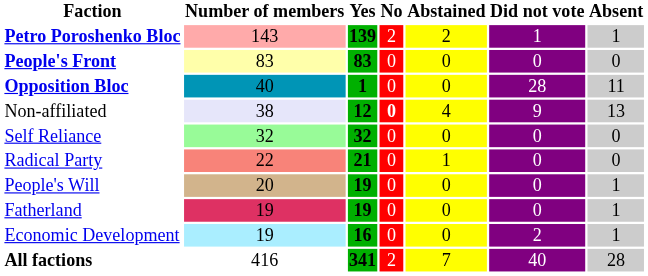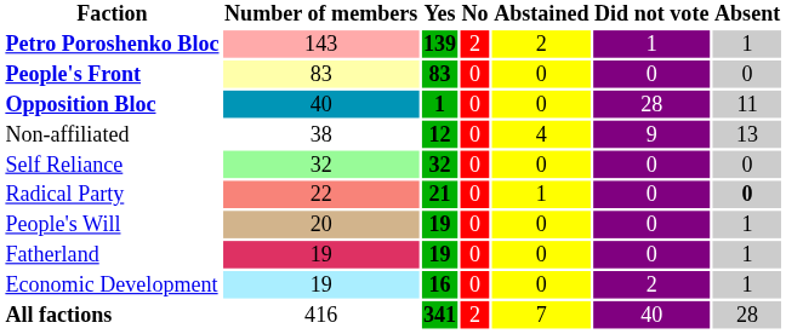 <table>
 <tr>
 <th>Faction</th>
 <th>Number of members</th>
 <th>Yes</th>
 <th>No</th>
 <th>Abstained</th>
 <th>Did not vote</th>
 <th>Absent</th>
 </tr>
 <tr ---->
 <td><strong><a href='#'>Petro Poroshenko Bloc</a></strong></td>
 <td style="text-align:center;background-color:#FFAAAA;">143</td>
 <td style="text-align:center;background-color:#00B000;"><strong>139</strong></td>
 <td style="text-align:center;background-color:red;color:white;">2</td>
 <td style="text-align:center;background-color:yellow;">2</td>
 <td style="text-align:center;background-color:purple;color:white;">1</td>
 <td style="text-align:center;background-color:#cccccc;">1</td>
 </tr>
 <tr ---->
 <td><strong><a href='#'>People's Front</a></strong></td>
 <td style="text-align:center;background-color:#FFFFAA;">83</td>
 <td style="text-align:center;background-color:#00B000;"><strong>83</strong></td>
 <td style="text-align:center;background-color:red;color:white;">0</td>
 <td style="text-align:center;background-color:yellow;">0</td>
 <td style="text-align:center;background-color:purple;color:white;">0</td>
 <td style="text-align:center;background-color:#cccccc;">0</td>
 </tr>
 <tr ---->
 <td><strong><a href='#'>Opposition Bloc</a></strong></td>
 <td style="text-align:center;background-color:#0095B6;">40</td>
 <td style="text-align:center;background-color:#00B000;"><strong>1</strong></td>
 <td style="text-align:center;background-color:red;color:white;">0</td>
 <td style="text-align:center;background-color:yellow;">0</td>
 <td style="text-align:center;background-color:purple;color:white;">28</td>
 <td style="text-align:center;background-color:#cccccc;">11</td>
 </tr>
 <tr ---->
 <td>Non-affiliated</td>
-<td style="background: lavender; text-align:center;">38</td>
+<td style="text-align:center;">38</td>
 <td style="text-align:center;background-color:#00B000;"><strong>12</strong></td>
-<td style="text-align:center;background-color:red;color:white;"><strong>0</strong></td>
+<td style="text-align:center;background-color:red;color:white;">0</td>
 <td style="text-align:center;background-color:yellow;">4</td>
 <td style="text-align:center;background-color:purple;color:white;">9</td>
 <td style="text-align:center;background-color:#cccccc;">13</td>
 </tr>
 <tr ---->
 <td><a href='#'>Self Reliance</a></td>
 <td style="text-align:center;background-color:#98FB98;">32</td>
 <td style="text-align:center;background-color:#00B000;"><strong>32</strong></td>
 <td style="text-align:center;background-color:red;color:white;">0</td>
 <td align=center bgcolor=yellow>0</td>
 <td style="text-align:center;background-color:purple;color:white;">0</td>
 <td style="text-align:center;background-color:#cccccc;">0</td>
 </tr>
 <tr ---->
 <td><a href='#'>Radical Party</a></td>
 <td style="text-align:center;background-color:#F88379;">22</td>
 <td style="text-align:center;background-color:#00B000;"><strong>21</strong></td>
 <td style="text-align:center;background-color:red;color:white;">0</td>
 <td style="text-align:center;background-color:yellow;">1</td>
 <td style="text-align:center;background-color:purple;color:white;">0</td>
-<td style="text-align:center;background-color:#cccccc;">0</td>
+<td style="text-align:center;background-color:#cccccc;"><strong>0</strong></td>
 </tr>
 <tr ---->
 <td><a href='#'>People's Will</a></td>
 <td style="text-align:center;background-color:tan;">20</td>
 <td style="text-align:center;background-color:#00B000;"><strong>19</strong></td>
 <td style="text-align:center;background-color:red;color:white;">0</td>
 <td style="text-align:center;background-color:yellow;">0</td>
 <td style="text-align:center;background-color:purple;color:white;">0</td>
 <td style="text-align:center;background-color:#cccccc;">1</td>
 </tr>
 <tr ---->
 <td><a href='#'>Fatherland</a></td>
 <td style="text-align:center;background-color:#DE3163;">19</td>
 <td style="text-align:center;background-color:#00B000;"><strong>19</strong></td>
 <td style="text-align:center;background-color:red;color:white;">0</td>
 <td style="text-align:center;background-color:yellow;">0</td>
 <td style="text-align:center;background-color:purple;color:white;">0</td>
 <td style="text-align:center;background-color:#cccccc;">1</td>
 </tr>
 <tr ---->
 <td><a href='#'>Economic Development</a></td>
 <td style="text-align:center;background-color:#AAEEFF;">19</td>
 <td style="text-align:center;background-color:#00B000;"><strong>16</strong></td>
 <td style="text-align:center;background-color:red;color:white;">0</td>
 <td style="text-align:center;background-color:yellow;">0</td>
 <td style="text-align:center;background-color:purple;color:white;">2</td>
 <td style="text-align:center;background-color:#cccccc;">1</td>
 </tr>
 <tr ---->
 <td><strong>All factions</strong></td>
 <td style="text-align:center;">416</td>
 <td style="text-align:center;background-color:#00B000;"><strong>341</strong></td>
 <td style="text-align:center;background-color:red;color:white;">2</td>
 <td style="text-align:center;background-color:yellow;">7</td>
 <td style="text-align:center;background-color:purple;color:white;">40</td>
 <td style="text-align:center;background-color:#cccccc;">28</td>
 </tr>
 <tr>
 </tr>
 </table>
